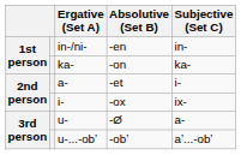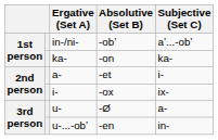 <table class="wikitable">
 <tr>
 <th colspan="2"></th>
 <th>Ergative<br>(Set A)</th>
 <th>Absolutive<br>(Set B)</th>
 <th>Subjective<br>(Set C)</th>
 </tr>
 <tr>
 <th rowspan="2">1st<br>person</th>
 <th></th>
 <td>in-/ni-</td>
-<td>-en</td>
-<td>in-</td>
+<td>-obʼ</td>
+<td>aʼ...-obʼ</td>
 </tr>
 <tr>
 <th></th>
 <td>ka-</td>
 <td>-on</td>
 <td>ka-</td>
 </tr>
 <tr>
 <th rowspan="2">2nd<br>person</th>
 <th></th>
 <td>a-</td>
 <td>-et</td>
 <td>i-</td>
 </tr>
 <tr>
 <th></th>
 <td>i-</td>
 <td>-ox</td>
 <td>ix-</td>
 </tr>
 <tr>
 <th rowspan="2">3rd<br>person</th>
 <th></th>
 <td>u-</td>
 <td>-Ø</td>
 <td>a-</td>
 </tr>
 <tr>
 <th></th>
 <td>u-...-obʼ</td>
-<td>-obʼ</td>
-<td>aʼ...-obʼ</td>
+<td>-en</td>
+<td>in-</td>
 </tr>
 </table>
